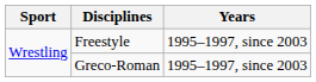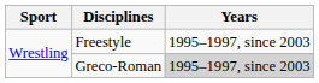 <table class=wikitable>
 <tr>
 <th>Sport</th>
 <th>Disciplines</th>
 <th>Years</th>
 </tr>
 <tr>
 <td rowspan=2><a href='#'>Wrestling</a></td>
 <td>Freestyle</td>
 <td>1995–1997, since 2003</td>
 </tr>
 <tr>
 <td>Greco-Roman</td>
-<td>1995–1997, since 2003</td>
+<td style="background: lightgrey;">1995–1997, since 2003</td>
 </tr>
 </table>
